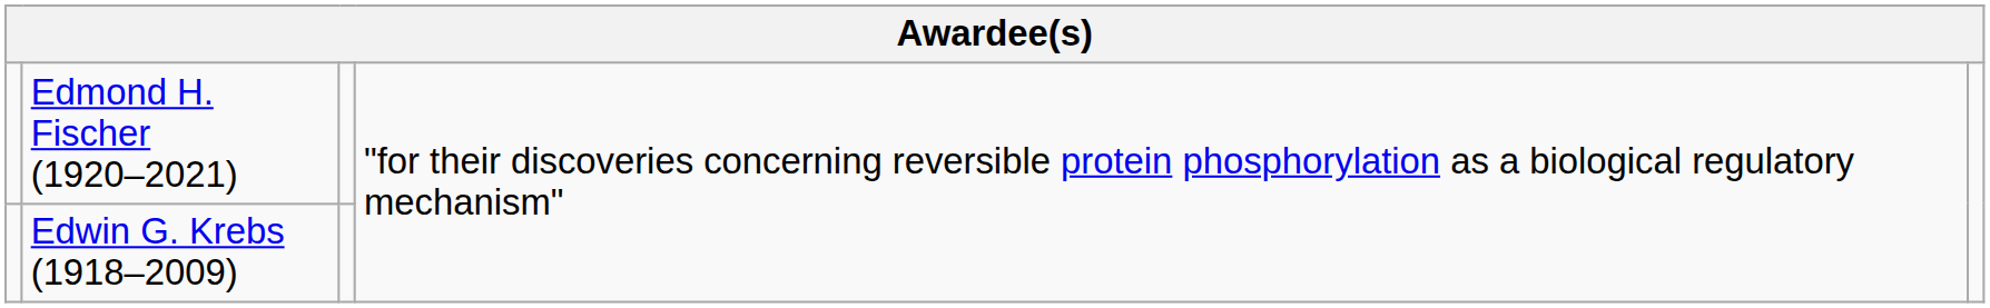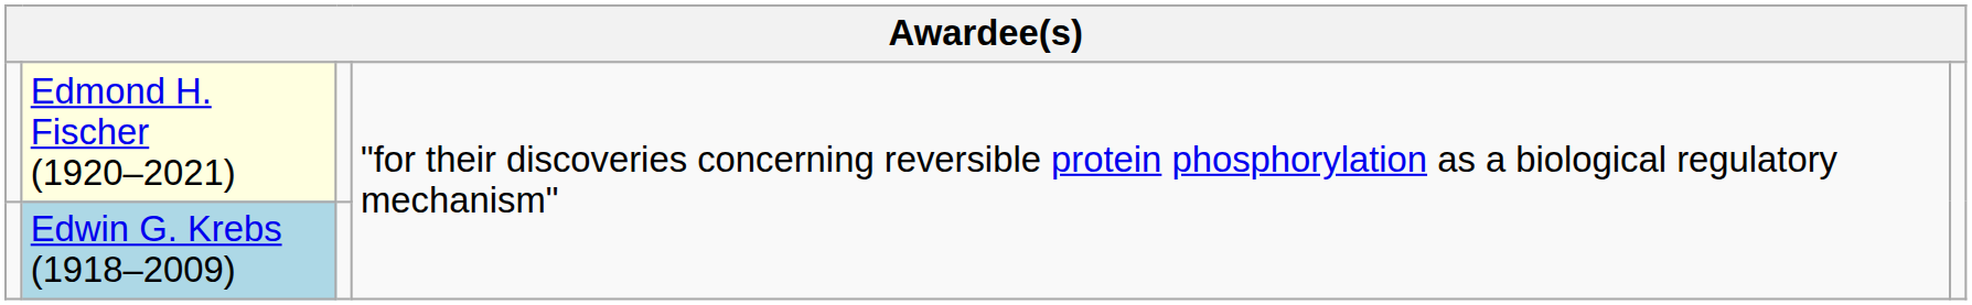 <table class="wikitable">
 <tr>
 <th colspan="5">Awardee(s)</th>
 </tr>
 <tr>
 <td></td>
-<td><a href='#'>Edmond H. Fischer</a><br>(1920–2021)</td>
+<td style="background: lightyellow;"><a href='#'>Edmond H. Fischer</a><br>(1920–2021)</td>
 <td><br></td>
 <td rowspan="2">"for their discoveries concerning reversible <a href='#'>protein</a> <a href='#'>phosphorylation</a> as a biological regulatory mechanism"</td>
 <td rowspan="2"></td>
 </tr>
 <tr>
 <td></td>
-<td><a href='#'>Edwin G. Krebs</a><br>(1918–2009)</td>
+<td style="background: lightblue;"><a href='#'>Edwin G. Krebs</a><br>(1918–2009)</td>
 <td></td>
 </tr>
 </table>
